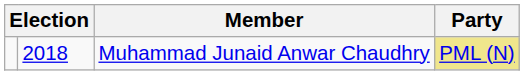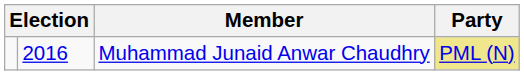 <table class="wikitable">
 <tr>
 <th colspan="2">Election</th>
 <th>Member</th>
 <th>Party</th>
 </tr>
 <tr>
 <td style="background-color: "></td>
-<td><a href='#'>2018</a></td>
+<td><a href='#'>2016</a></td>
 <td><a href='#'>Muhammad Junaid Anwar Chaudhry</a></td>
 <td style="background: khaki;"><a href='#'>PML (N)</a></td>
 </tr>
 </table>
